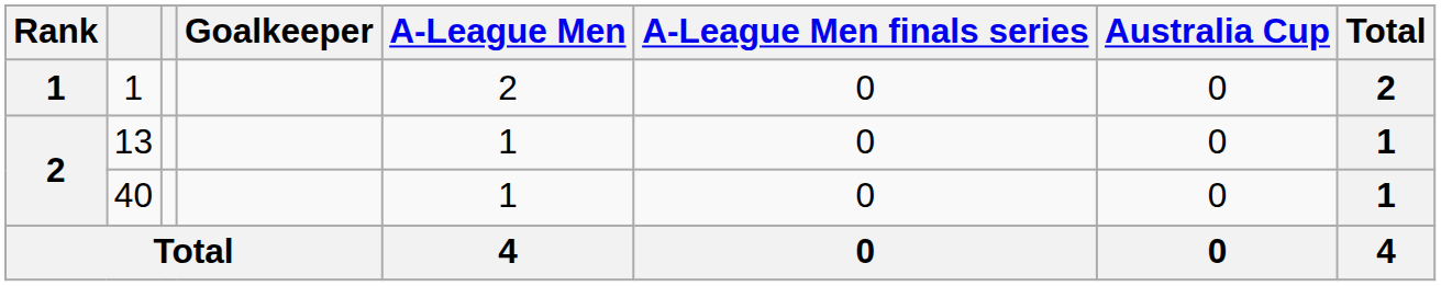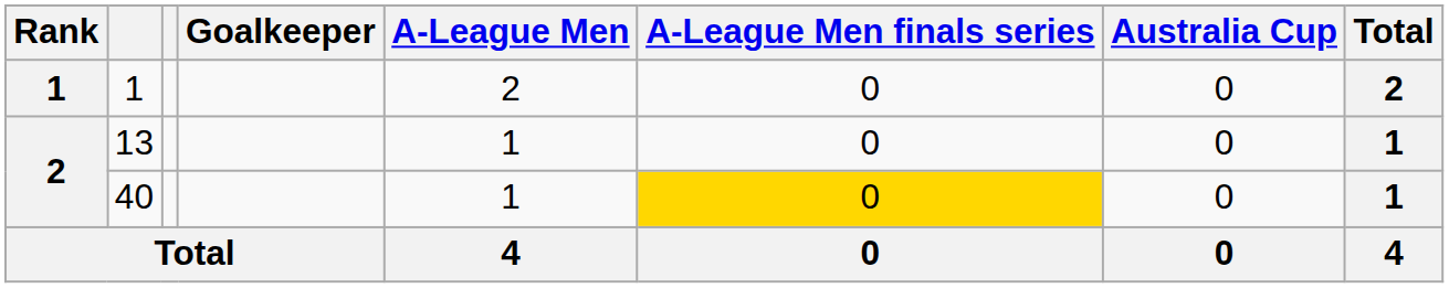 <table class="wikitable" style="text-align:center">
 <tr>
 <th>Rank</th>
 <th></th>
 <th></th>
 <th>Goalkeeper</th>
 <th><a href='#'>A-League Men</a></th>
 <th><a href='#'>A-League Men finals series</a></th>
 <th><a href='#'>Australia Cup</a></th>
 <th>Total</th>
 </tr>
 <tr>
 <th>1</th>
 <td>1</td>
 <td></td>
 <td align="left"></td>
 <td>2</td>
 <td>0</td>
 <td>0</td>
 <th>2</th>
 </tr>
 <tr>
 <th rowspan=2>2</th>
 <td>13</td>
 <td></td>
 <td align="left"></td>
 <td>1</td>
 <td>0</td>
 <td>0</td>
 <th>1</th>
 </tr>
 <tr>
 <td>40</td>
 <td></td>
 <td align="left"></td>
 <td>1</td>
-<td>0</td>
+<td style="background: gold;">0</td>
 <td>0</td>
 <th>1</th>
 </tr>
 <tr>
 <th colspan="4">Total</th>
 <th>4</th>
 <th>0</th>
 <th>0</th>
 <th>4</th>
 </tr>
 </table>
